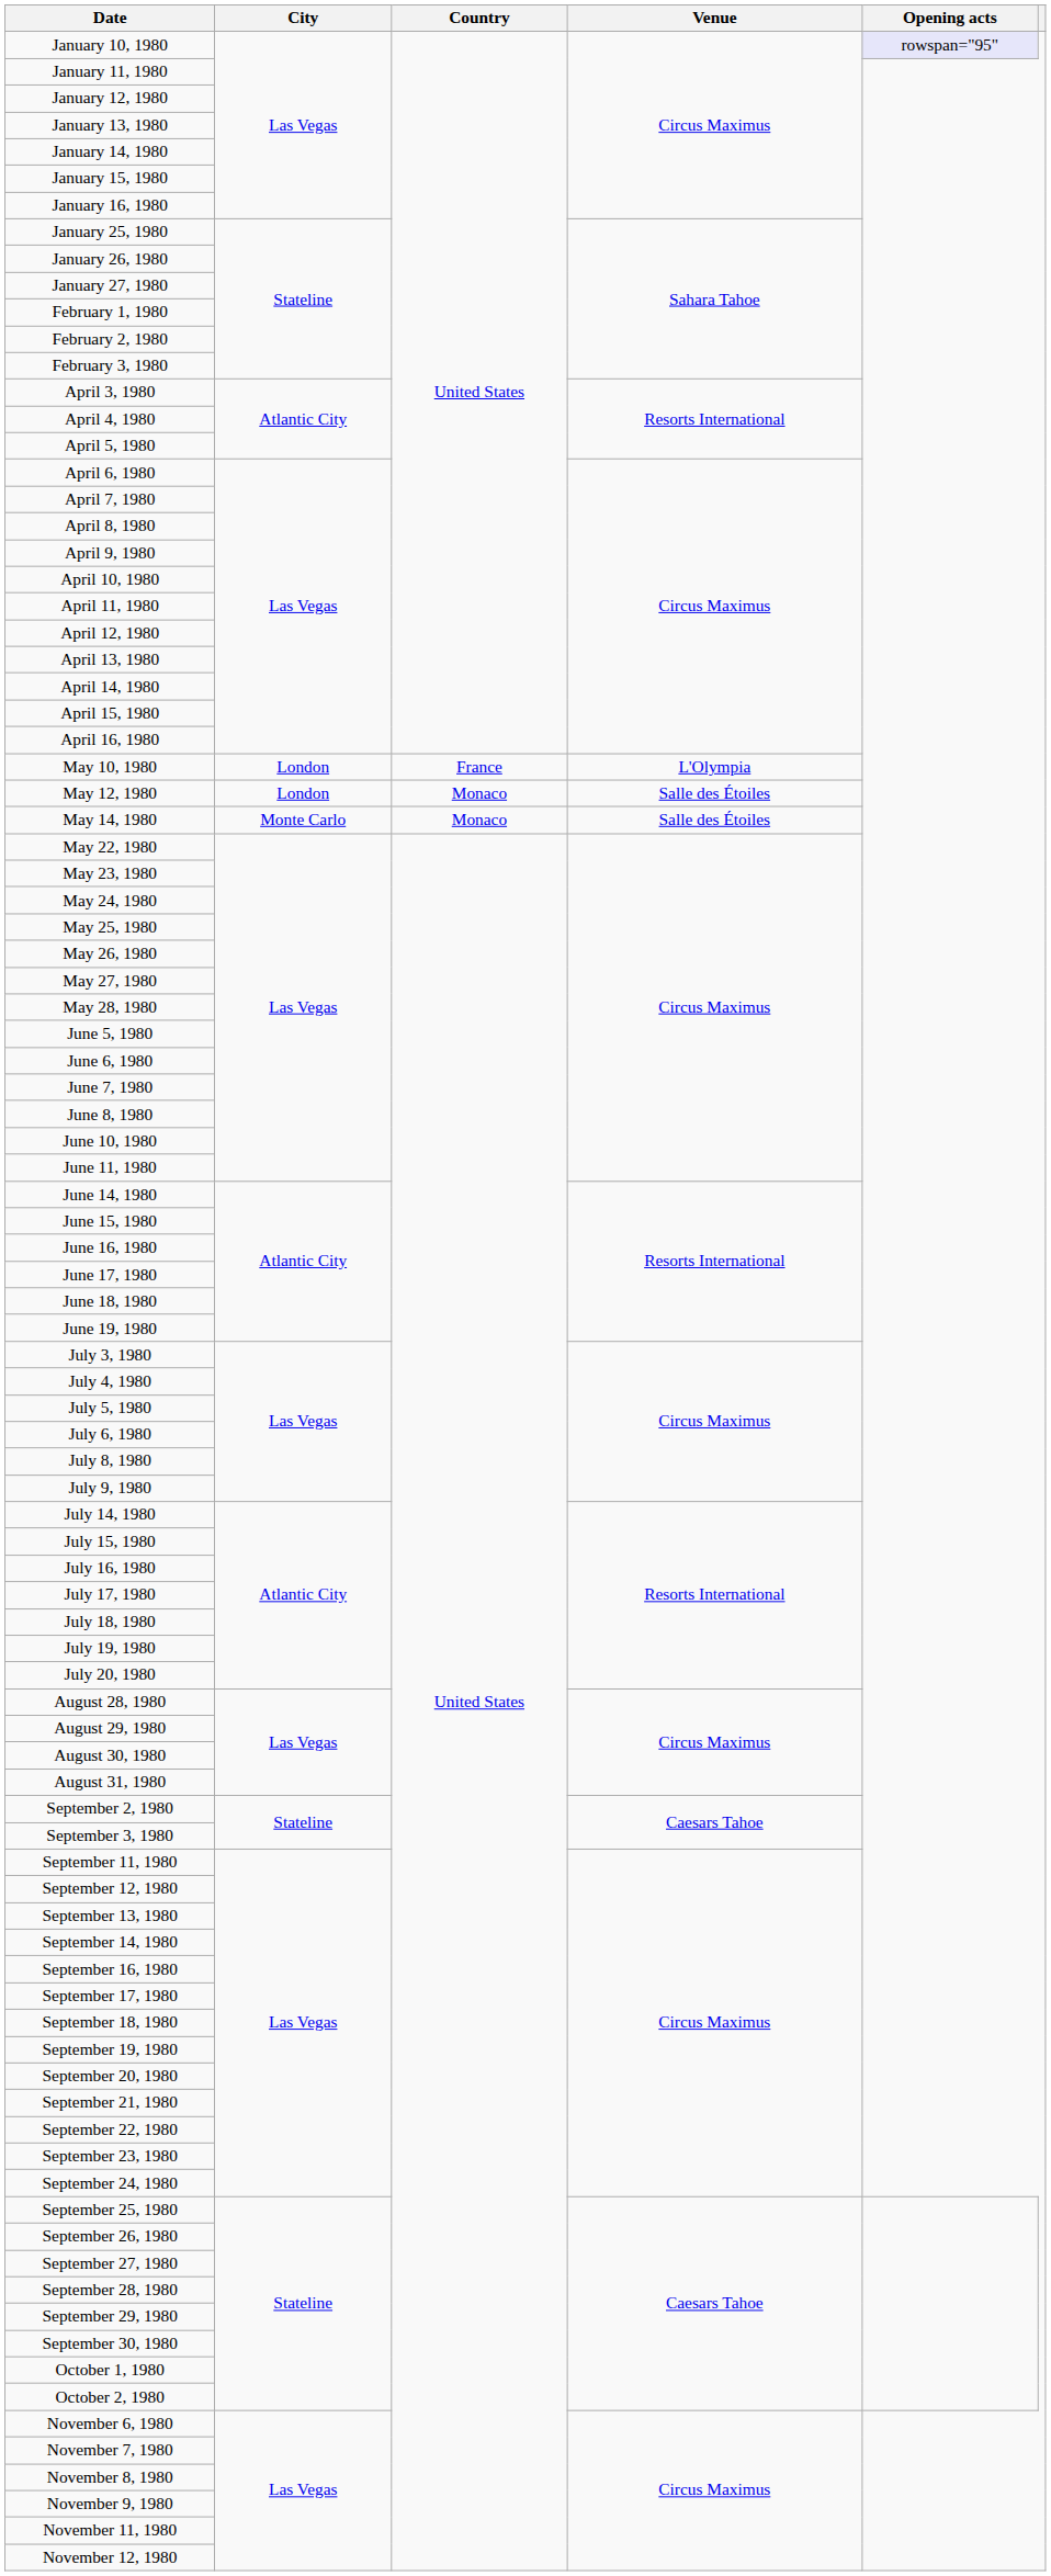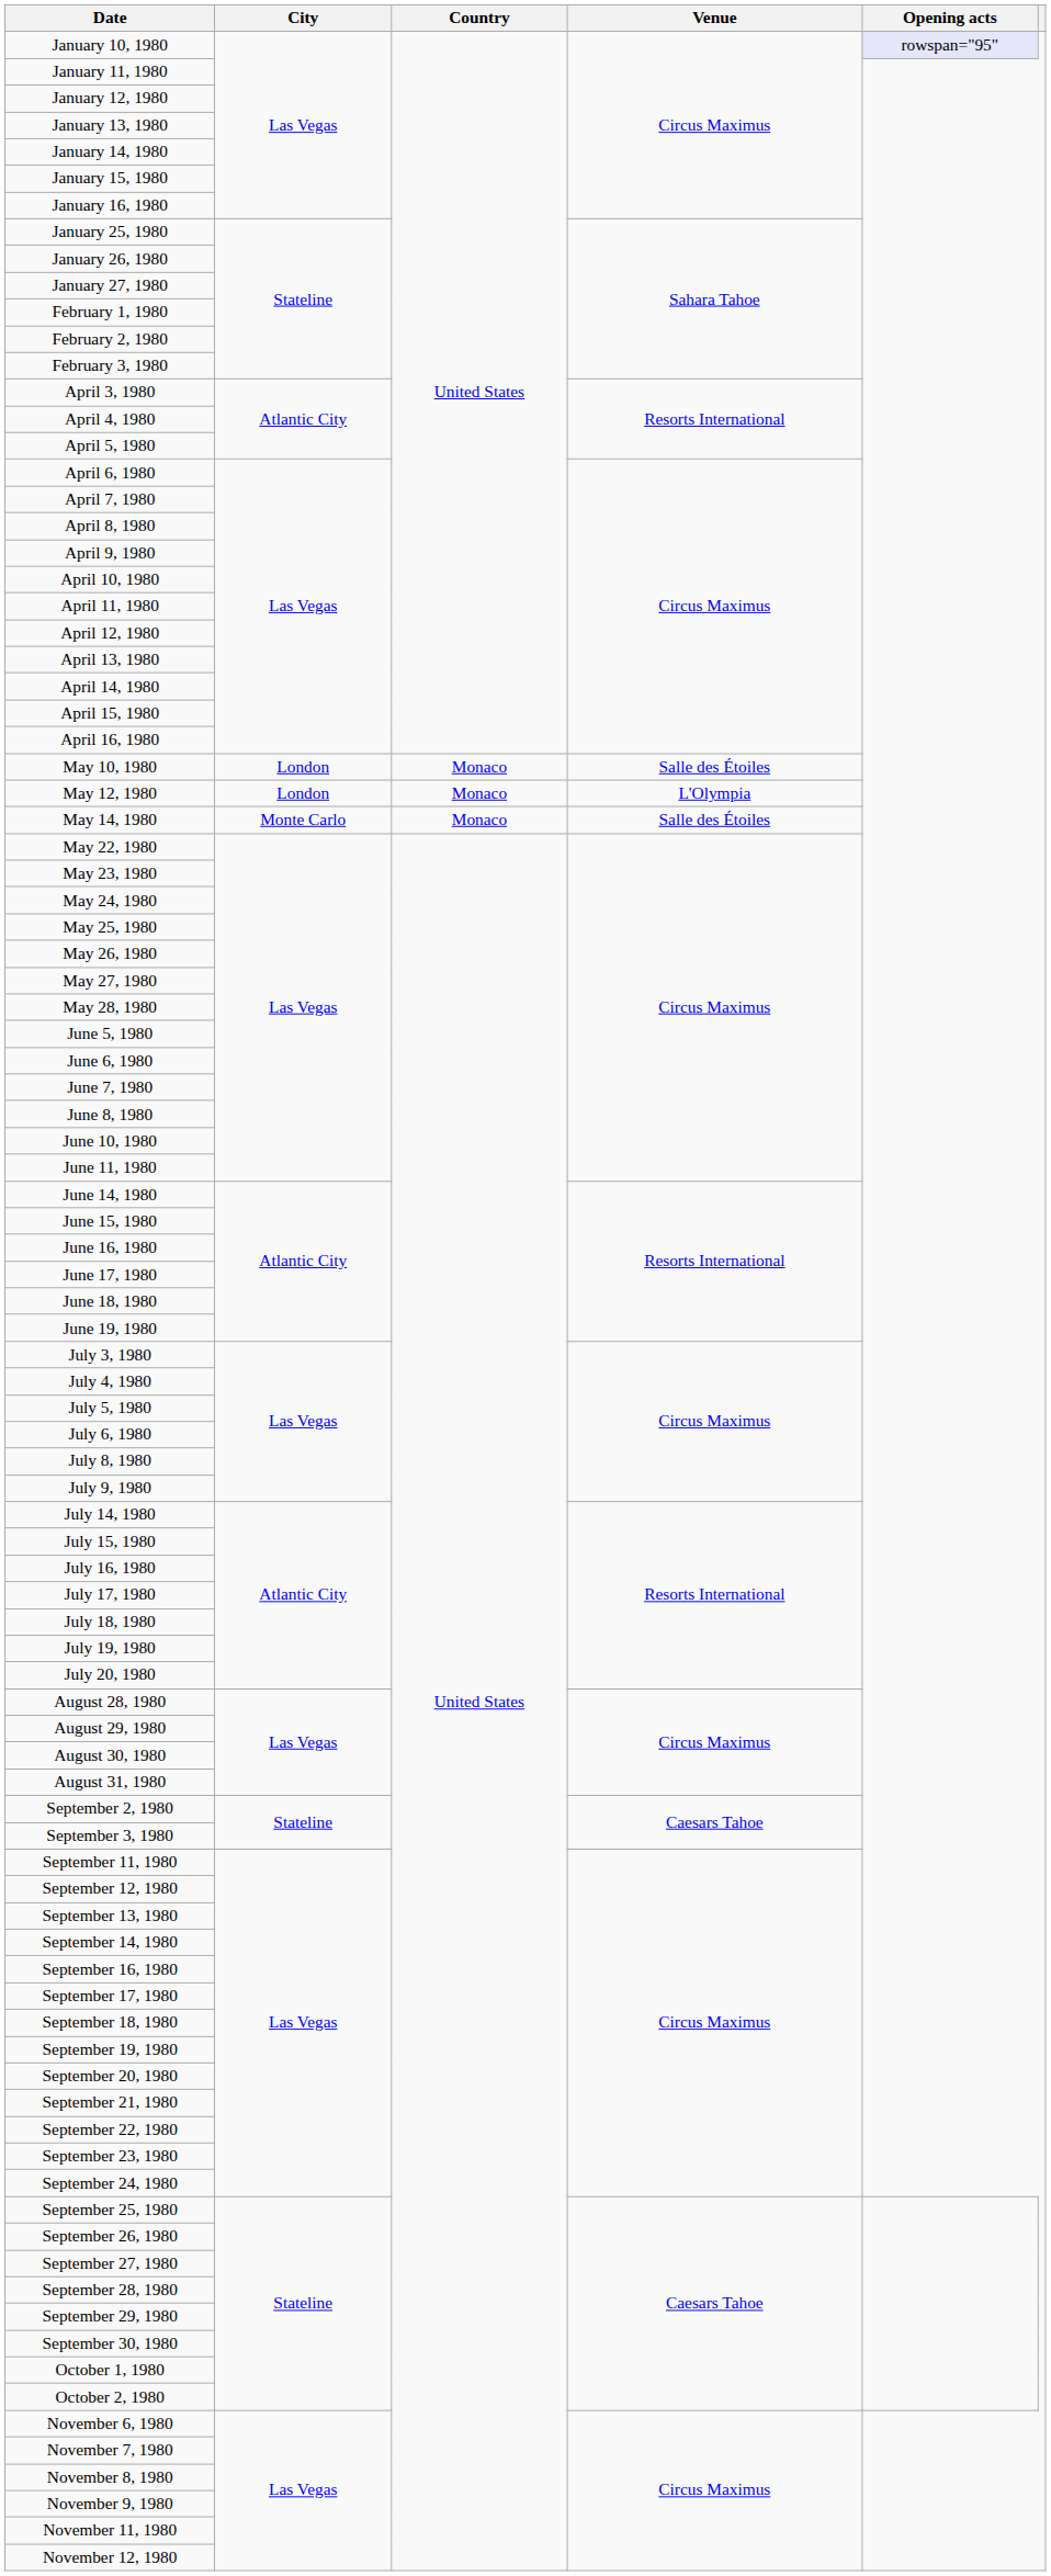 <table class="wikitable" id="1980" style="text-align:center;">
 <tr>
 <th scope="col" style="width:12em;">Date</th>
 <th scope="col" style="width:10em;">City</th>
 <th scope="col" style="width:10em;">Country</th>
 <th scope="col" style="width:17em;">Venue</th>
 <th scope="col" style="width:10em;">Opening acts</th>
 <th scope="col" class="unsortable"></th>
 </tr>
 <tr>
 <td>January 10, 1980</td>
 <td rowspan="7"><a href='#'>Las Vegas</a></td>
 <td rowspan="27"><a href='#'>United States</a></td>
 <td rowspan="7"><a href='#'>Circus Maximus</a></td>
 <td style="background: lavender;">rowspan="95" </td>
 </tr>
 <tr>
 <td>January 11, 1980</td>
 </tr>
 <tr>
 <td>January 12, 1980</td>
 </tr>
 <tr>
 <td>January 13, 1980</td>
 </tr>
 <tr>
 <td>January 14, 1980</td>
 </tr>
 <tr>
 <td>January 15, 1980</td>
 </tr>
 <tr>
 <td>January 16, 1980</td>
 </tr>
 <tr>
 <td>January 25, 1980</td>
 <td rowspan="6"><a href='#'>Stateline</a></td>
 <td rowspan="6"><a href='#'>Sahara Tahoe</a></td>
 </tr>
 <tr>
 <td>January 26, 1980</td>
 </tr>
 <tr>
 <td>January 27, 1980</td>
 </tr>
 <tr>
 <td>February 1, 1980</td>
 </tr>
 <tr>
 <td>February 2, 1980</td>
 </tr>
 <tr>
 <td>February 3, 1980</td>
 </tr>
 <tr>
 <td>April 3, 1980</td>
 <td rowspan="3"><a href='#'>Atlantic City</a></td>
 <td rowspan="3"><a href='#'>Resorts International</a></td>
 </tr>
 <tr>
 <td>April 4, 1980</td>
 </tr>
 <tr>
 <td>April 5, 1980</td>
 </tr>
 <tr>
 <td>April 6, 1980</td>
 <td rowspan="11"><a href='#'>Las Vegas</a></td>
 <td rowspan="11"><a href='#'>Circus Maximus</a></td>
 </tr>
 <tr>
 <td>April 7, 1980</td>
 </tr>
 <tr>
 <td>April 8, 1980</td>
 </tr>
 <tr>
 <td>April 9, 1980</td>
 </tr>
 <tr>
 <td>April 10, 1980</td>
 </tr>
 <tr>
 <td>April 11, 1980</td>
 </tr>
 <tr>
 <td>April 12, 1980</td>
 </tr>
 <tr>
 <td>April 13, 1980</td>
 </tr>
 <tr>
 <td>April 14, 1980</td>
 </tr>
 <tr>
 <td>April 15, 1980</td>
 </tr>
 <tr>
 <td>April 16, 1980</td>
 </tr>
 <tr>
 <td>May 10, 1980</td>
 <td><a href='#'>London</a></td>
-<td><a href='#'>France</a></td>
-<td><a href='#'>L'Olympia</a></td>
+<td><a href='#'>Monaco</a></td>
+<td><a href='#'>Salle des Étoiles</a></td>
 </tr>
 <tr>
 <td>May 12, 1980</td>
 <td><a href='#'>London</a></td>
 <td><a href='#'>Monaco</a></td>
-<td><a href='#'>Salle des Étoiles</a></td>
+<td><a href='#'>L'Olympia</a></td>
 </tr>
 <tr>
 <td>May 14, 1980</td>
 <td><a href='#'>Monte Carlo</a></td>
 <td><a href='#'>Monaco</a></td>
 <td><a href='#'>Salle des Étoiles</a></td>
 </tr>
 <tr>
 <td>May 22, 1980</td>
 <td rowspan="13"><a href='#'>Las Vegas</a></td>
 <td rowspan="66"><a href='#'>United States</a></td>
 <td rowspan="13"><a href='#'>Circus Maximus</a></td>
 </tr>
 <tr>
 <td>May 23, 1980</td>
 </tr>
 <tr>
 <td>May 24, 1980</td>
 </tr>
 <tr>
 <td>May 25, 1980</td>
 </tr>
 <tr>
 <td>May 26, 1980</td>
 </tr>
 <tr>
 <td>May 27, 1980</td>
 </tr>
 <tr>
 <td>May 28, 1980</td>
 </tr>
 <tr>
 <td>June 5, 1980</td>
 </tr>
 <tr>
 <td>June 6, 1980</td>
 </tr>
 <tr>
 <td>June 7, 1980</td>
 </tr>
 <tr>
 <td>June 8, 1980</td>
 </tr>
 <tr>
 <td>June 10, 1980</td>
 </tr>
 <tr>
 <td>June 11, 1980</td>
 </tr>
 <tr>
 <td>June 14, 1980</td>
 <td rowspan="6"><a href='#'>Atlantic City</a></td>
 <td rowspan="6"><a href='#'>Resorts International</a></td>
 </tr>
 <tr>
 <td>June 15, 1980</td>
 </tr>
 <tr>
 <td>June 16, 1980</td>
 </tr>
 <tr>
 <td>June 17, 1980</td>
 </tr>
 <tr>
 <td>June 18, 1980</td>
 </tr>
 <tr>
 <td>June 19, 1980</td>
 </tr>
 <tr>
 <td>July 3, 1980</td>
 <td rowspan="6"><a href='#'>Las Vegas</a></td>
 <td rowspan="6"><a href='#'>Circus Maximus</a></td>
 </tr>
 <tr>
 <td>July 4, 1980</td>
 </tr>
 <tr>
 <td>July 5, 1980</td>
 </tr>
 <tr>
 <td>July 6, 1980</td>
 </tr>
 <tr>
 <td>July 8, 1980</td>
 </tr>
 <tr>
 <td>July 9, 1980</td>
 </tr>
 <tr>
 <td>July 14, 1980</td>
 <td rowspan="7"><a href='#'>Atlantic City</a></td>
 <td rowspan="7"><a href='#'>Resorts International</a></td>
 </tr>
 <tr>
 <td>July 15, 1980</td>
 </tr>
 <tr>
 <td>July 16, 1980</td>
 </tr>
 <tr>
 <td>July 17, 1980</td>
 </tr>
 <tr>
 <td>July 18, 1980</td>
 </tr>
 <tr>
 <td>July 19, 1980</td>
 </tr>
 <tr>
 <td>July 20, 1980</td>
 </tr>
 <tr>
 <td>August 28, 1980</td>
 <td rowspan="4"><a href='#'>Las Vegas</a></td>
 <td rowspan="4"><a href='#'>Circus Maximus</a></td>
 </tr>
 <tr>
 <td>August 29, 1980</td>
 </tr>
 <tr>
 <td>August 30, 1980</td>
 </tr>
 <tr>
 <td>August 31, 1980</td>
 </tr>
 <tr>
 <td>September 2, 1980</td>
 <td rowspan="2"><a href='#'>Stateline</a></td>
 <td rowspan="2"><a href='#'>Caesars Tahoe</a></td>
 </tr>
 <tr>
 <td>September 3, 1980</td>
 </tr>
 <tr>
 <td>September 11, 1980</td>
 <td rowspan="13"><a href='#'>Las Vegas</a></td>
 <td rowspan="13"><a href='#'>Circus Maximus</a></td>
 </tr>
 <tr>
 <td>September 12, 1980</td>
 </tr>
 <tr>
 <td>September 13, 1980</td>
 </tr>
 <tr>
 <td>September 14, 1980</td>
 </tr>
 <tr>
 <td>September 16, 1980</td>
 </tr>
 <tr>
 <td>September 17, 1980</td>
 </tr>
 <tr>
 <td>September 18, 1980</td>
 </tr>
 <tr>
 <td>September 19, 1980</td>
 </tr>
 <tr>
 <td>September 20, 1980</td>
 </tr>
 <tr>
 <td>September 21, 1980</td>
 </tr>
 <tr>
 <td>September 22, 1980</td>
 </tr>
 <tr>
 <td>September 23, 1980</td>
 </tr>
 <tr>
 <td>September 24, 1980</td>
 </tr>
 <tr>
 <td>September 25, 1980</td>
 <td rowspan="8"><a href='#'>Stateline</a></td>
 <td rowspan="8"><a href='#'>Caesars Tahoe</a></td>
 <td rowspan="8"></td>
 </tr>
 <tr>
 <td>September 26, 1980</td>
 </tr>
 <tr>
 <td>September 27, 1980</td>
 </tr>
 <tr>
 <td>September 28, 1980</td>
 </tr>
 <tr>
 <td>September 29, 1980</td>
 </tr>
 <tr>
 <td>September 30, 1980</td>
 </tr>
 <tr>
 <td>October 1, 1980</td>
 </tr>
 <tr>
 <td>October 2, 1980</td>
 </tr>
 <tr>
 <td>November 6, 1980</td>
 <td rowspan="6"><a href='#'>Las Vegas</a></td>
 <td rowspan="6"><a href='#'>Circus Maximus</a></td>
 </tr>
 <tr>
 <td>November 7, 1980</td>
 </tr>
 <tr>
 <td>November 8, 1980</td>
 </tr>
 <tr>
 <td>November 9, 1980</td>
 </tr>
 <tr>
 <td>November 11, 1980</td>
 </tr>
 <tr>
 <td>November 12, 1980</td>
 </tr>
 </table>
